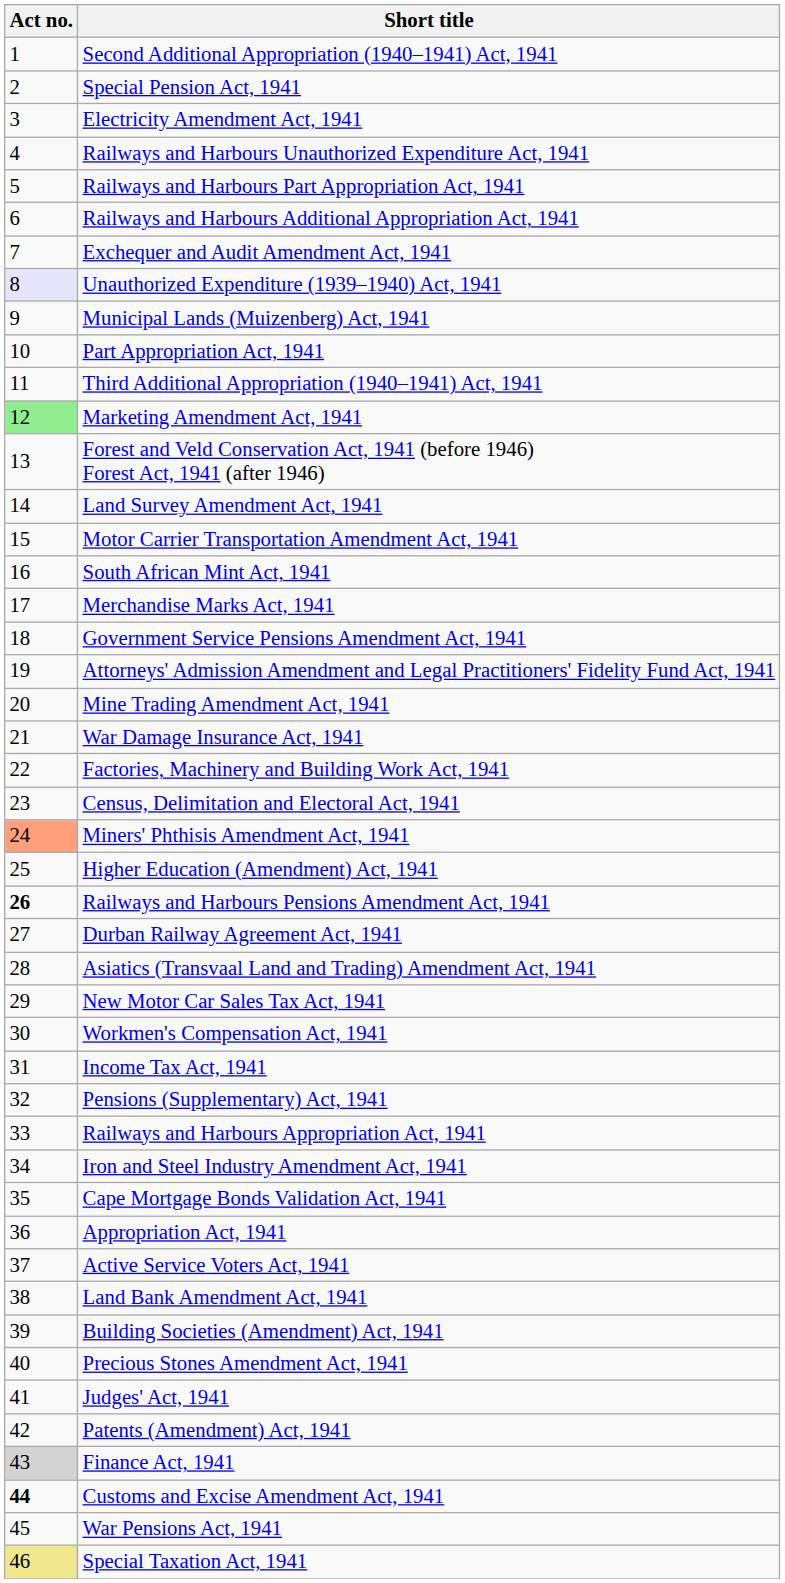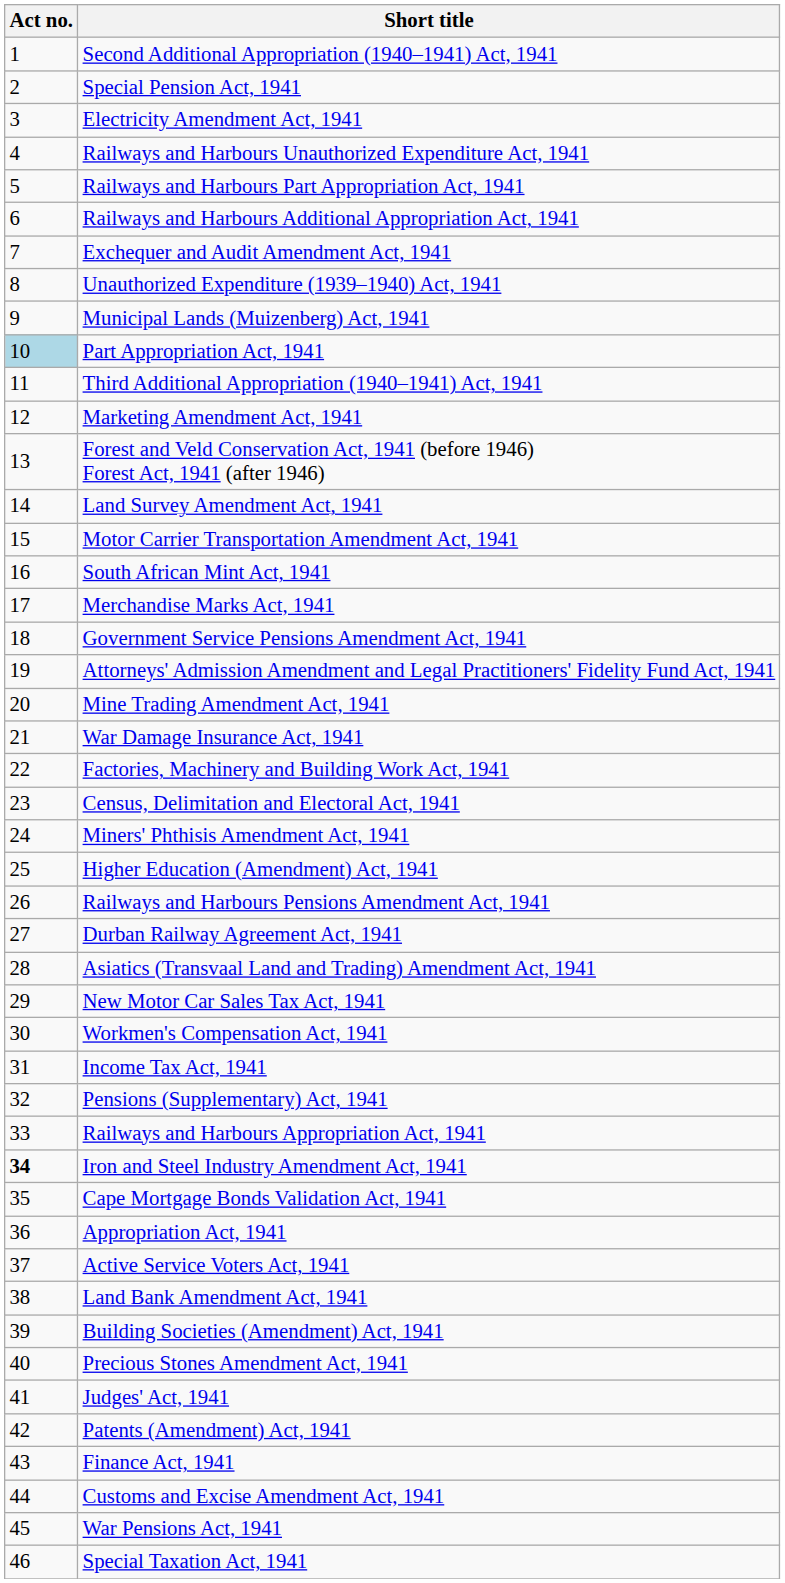 <table class="wikitable sortable">
 <tr>
 <th>Act no.</th>
 <th>Short title</th>
 </tr>
 <tr>
 <td>1</td>
 <td><a href='#'>Second Additional Appropriation (1940–1941) Act, 1941</a></td>
 </tr>
 <tr>
 <td>2</td>
 <td><a href='#'>Special Pension Act, 1941</a></td>
 </tr>
 <tr>
 <td>3</td>
 <td><a href='#'>Electricity Amendment Act, 1941</a></td>
 </tr>
 <tr>
 <td>4</td>
 <td><a href='#'>Railways and Harbours Unauthorized Expenditure Act, 1941</a></td>
 </tr>
 <tr>
 <td>5</td>
 <td><a href='#'>Railways and Harbours Part Appropriation Act, 1941</a></td>
 </tr>
 <tr>
 <td>6</td>
 <td><a href='#'>Railways and Harbours Additional Appropriation Act, 1941</a></td>
 </tr>
 <tr>
 <td>7</td>
 <td><a href='#'>Exchequer and Audit Amendment Act, 1941</a></td>
 </tr>
 <tr>
-<td style="background: lavender;">8</td>
+<td>8</td>
 <td><a href='#'>Unauthorized Expenditure (1939–1940) Act, 1941</a></td>
 </tr>
 <tr>
 <td>9</td>
 <td><a href='#'>Municipal Lands (Muizenberg) Act, 1941</a></td>
 </tr>
 <tr>
-<td>10</td>
+<td style="background: lightblue;">10</td>
 <td><a href='#'>Part Appropriation Act, 1941</a></td>
 </tr>
 <tr>
 <td>11</td>
 <td><a href='#'>Third Additional Appropriation (1940–1941) Act, 1941</a></td>
 </tr>
 <tr>
-<td style="background: lightgreen;">12</td>
+<td>12</td>
 <td><a href='#'>Marketing Amendment Act, 1941</a></td>
 </tr>
 <tr>
 <td>13</td>
 <td><a href='#'>Forest and Veld Conservation Act, 1941</a> (before 1946) <br><a href='#'>Forest Act, 1941</a> (after 1946)</td>
 </tr>
 <tr>
 <td>14</td>
 <td><a href='#'>Land Survey Amendment Act, 1941</a></td>
 </tr>
 <tr>
 <td>15</td>
 <td><a href='#'>Motor Carrier Transportation Amendment Act, 1941</a></td>
 </tr>
 <tr>
 <td>16</td>
 <td><a href='#'>South African Mint Act, 1941</a></td>
 </tr>
 <tr>
 <td>17</td>
 <td><a href='#'>Merchandise Marks Act, 1941</a></td>
 </tr>
 <tr>
 <td>18</td>
 <td><a href='#'>Government Service Pensions Amendment Act, 1941</a></td>
 </tr>
 <tr>
 <td>19</td>
 <td><a href='#'>Attorneys' Admission Amendment and Legal Practitioners' Fidelity Fund Act, 1941</a></td>
 </tr>
 <tr>
 <td>20</td>
 <td><a href='#'>Mine Trading Amendment Act, 1941</a></td>
 </tr>
 <tr>
 <td>21</td>
 <td><a href='#'>War Damage Insurance Act, 1941</a></td>
 </tr>
 <tr>
 <td>22</td>
 <td><a href='#'>Factories, Machinery and Building Work Act, 1941</a></td>
 </tr>
 <tr>
 <td>23</td>
 <td><a href='#'>Census, Delimitation and Electoral Act, 1941</a></td>
 </tr>
 <tr>
-<td style="background: lightsalmon;">24</td>
+<td>24</td>
 <td><a href='#'>Miners' Phthisis Amendment Act, 1941</a></td>
 </tr>
 <tr>
 <td>25</td>
 <td><a href='#'>Higher Education (Amendment) Act, 1941</a></td>
 </tr>
 <tr>
-<td><strong>26</strong></td>
+<td>26</td>
 <td><a href='#'>Railways and Harbours Pensions Amendment Act, 1941</a></td>
 </tr>
 <tr>
 <td>27</td>
 <td><a href='#'>Durban Railway Agreement Act, 1941</a></td>
 </tr>
 <tr>
 <td>28</td>
 <td><a href='#'>Asiatics (Transvaal Land and Trading) Amendment Act, 1941</a></td>
 </tr>
 <tr>
 <td>29</td>
 <td><a href='#'>New Motor Car Sales Tax Act, 1941</a></td>
 </tr>
 <tr>
 <td>30</td>
 <td><a href='#'>Workmen's Compensation Act, 1941</a></td>
 </tr>
 <tr>
 <td>31</td>
 <td><a href='#'>Income Tax Act, 1941</a></td>
 </tr>
 <tr>
 <td>32</td>
 <td><a href='#'>Pensions (Supplementary) Act, 1941</a></td>
 </tr>
 <tr>
 <td>33</td>
 <td><a href='#'>Railways and Harbours Appropriation Act, 1941</a></td>
 </tr>
 <tr>
-<td>34</td>
+<td><strong>34</strong></td>
 <td><a href='#'>Iron and Steel Industry Amendment Act, 1941</a></td>
 </tr>
 <tr>
 <td>35</td>
 <td><a href='#'>Cape Mortgage Bonds Validation Act, 1941</a></td>
 </tr>
 <tr>
 <td>36</td>
 <td><a href='#'>Appropriation Act, 1941</a></td>
 </tr>
 <tr>
 <td>37</td>
 <td><a href='#'>Active Service Voters Act, 1941</a></td>
 </tr>
 <tr>
 <td>38</td>
 <td><a href='#'>Land Bank Amendment Act, 1941</a></td>
 </tr>
 <tr>
 <td>39</td>
 <td><a href='#'>Building Societies (Amendment) Act, 1941</a></td>
 </tr>
 <tr>
 <td>40</td>
 <td><a href='#'>Precious Stones Amendment Act, 1941</a></td>
 </tr>
 <tr>
 <td>41</td>
 <td><a href='#'>Judges' Act, 1941</a></td>
 </tr>
 <tr>
 <td>42</td>
 <td><a href='#'>Patents (Amendment) Act, 1941</a></td>
 </tr>
 <tr>
-<td style="background: lightgrey;">43</td>
+<td>43</td>
 <td><a href='#'>Finance Act, 1941</a></td>
 </tr>
 <tr>
-<td><strong>44</strong></td>
+<td>44</td>
 <td><a href='#'>Customs and Excise Amendment Act, 1941</a></td>
 </tr>
 <tr>
 <td>45</td>
 <td><a href='#'>War Pensions Act, 1941</a></td>
 </tr>
 <tr>
-<td style="background: khaki;">46</td>
+<td>46</td>
 <td><a href='#'>Special Taxation Act, 1941</a></td>
 </tr>
 </table>
